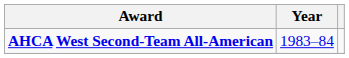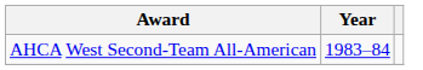 <table class="wikitable">
 <tr>
 <th>Award</th>
 <th>Year</th>
 <th></th>
 </tr>
 <tr>
-<td><strong><a href='#'>AHCA</a> <a href='#'>West Second-Team All-American</a></strong></td>
+<td><a href='#'>AHCA</a> <a href='#'>West Second-Team All-American</a></td>
 <td><a href='#'>1983–84</a></td>
 <td></td>
 </tr>
 <tr>
 </tr>
 </table>
